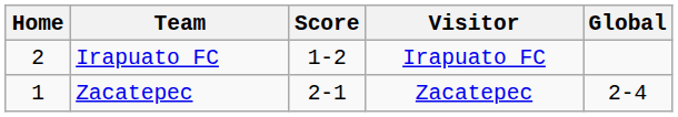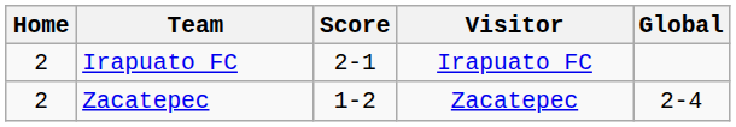 <table class="wikitable" style="text-align: center;">
 <tr>
 <th width=33>Home</th>
 <th width=125>Team</th>
 <th width=33>Score</th>
 <th width=125>Visitor</th>
 <th width=33>Global</th>
 </tr>
 <tr bgcolor=>
 <td>2</td>
 <td align=left><a href='#'>Irapuato FC</a></td>
-<td>1-2</td>
+<td>2-1</td>
 <td><a href='#'>Irapuato FC</a></td>
 <td></td>
 </tr>
 <tr bgcolor=>
-<td>1</td>
+<td>2</td>
 <td align=left><a href='#'>Zacatepec</a></td>
-<td>2-1</td>
+<td>1-2</td>
 <td><a href='#'>Zacatepec</a></td>
 <td>2-4</td>
 </tr>
 </table>
